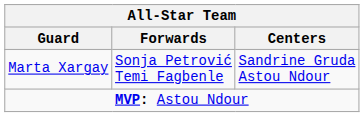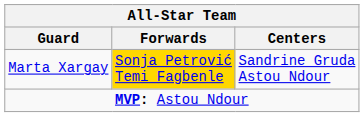 <table class=wikitable style="margin:auto">
 <tr>
 <th colspan=3 align=center>All-Star Team</th>
 </tr>
 <tr>
 <th>Guard</th>
 <th>Forwards</th>
 <th>Centers</th>
 </tr>
 <tr>
 <td> <a href='#'>Marta Xargay</a></td>
-<td valign=center> <a href='#'>Sonja Petrović</a><br> <a href='#'>Temi Fagbenle</a></td>
+<td valign=center style="background: gold;"> <a href='#'>Sonja Petrović</a><br> <a href='#'>Temi Fagbenle</a></td>
 <td> <a href='#'>Sandrine Gruda</a><br> <a href='#'>Astou Ndour</a></td>
 </tr>
 <tr>
 <td colspan=3 align=center><strong><a href='#'>MVP</a>:</strong>  <a href='#'>Astou Ndour</a></td>
 </tr>
 </table>
